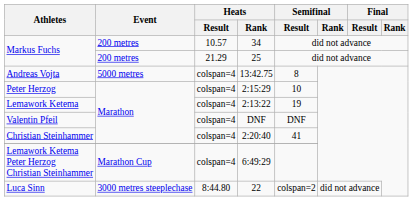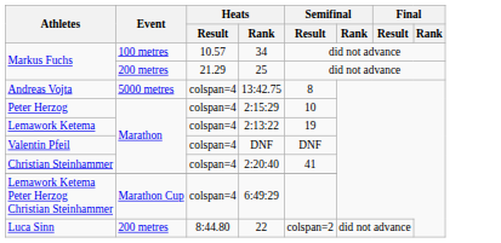 <table class="wikitable" border="1" style="font-size:90%">
 <tr>
 <th rowspan="2">Athletes</th>
 <th rowspan="2">Event</th>
 <th colspan="2">Heats</th>
 <th colspan="2">Semifinal</th>
 <th colspan="2">Final</th>
 </tr>
 <tr>
 <th>Result</th>
 <th>Rank</th>
 <th>Result</th>
 <th>Rank</th>
 <th>Result</th>
 <th>Rank</th>
 </tr>
 <tr>
 <td rowspan=2><a href='#'>Markus Fuchs</a></td>
-<td><a href='#'>200 metres</a></td>
+<td><a href='#'>100 metres</a></td>
 <td align=center>10.57</td>
 <td align=center>34</td>
 <td align=center colspan=4>did not advance</td>
 </tr>
 <tr>
 <td><a href='#'>200 metres</a></td>
 <td align=center>21.29</td>
 <td align=center>25</td>
 <td align=center colspan=4>did not advance</td>
 </tr>
 <tr>
 <td><a href='#'>Andreas Vojta</a></td>
 <td><a href='#'>5000 metres</a></td>
 <td>colspan=4</td>
 <td align=center>13:42.75</td>
 <td align=center>8</td>
 </tr>
 <tr>
 <td><a href='#'>Peter Herzog</a></td>
 <td rowspan=4><a href='#'>Marathon</a></td>
 <td>colspan=4</td>
 <td align=center>2:15:29</td>
 <td align=center>10</td>
 </tr>
 <tr>
 <td><a href='#'>Lemawork Ketema</a></td>
 <td>colspan=4</td>
 <td align=center>2:13:22</td>
 <td align=center>19</td>
 </tr>
 <tr>
 <td><a href='#'>Valentin Pfeil</a></td>
 <td>colspan=4</td>
 <td align=center>DNF</td>
 <td align=center>DNF</td>
 </tr>
 <tr>
 <td><a href='#'>Christian Steinhammer</a></td>
 <td>colspan=4</td>
 <td align=center>2:20:40</td>
 <td align=center>41</td>
 </tr>
 <tr>
 </tr>
 <tr align=center>
 <td align=left><a href='#'>Lemawork Ketema</a><br><a href='#'>Peter Herzog</a><br><a href='#'>Christian Steinhammer</a></td>
 <td align=left><a href='#'>Marathon Cup</a></td>
 <td>colspan=4 </td>
 <td>6:49:29</td>
 <td></td>
 </tr>
 <tr>
 <td><a href='#'>Luca Sinn</a></td>
-<td><a href='#'>3000 metres steeplechase</a></td>
+<td><a href='#'>200 metres</a></td>
 <td align=center>8:44.80</td>
 <td align=center>22</td>
 <td>colspan=2</td>
 <td align=center colspan=2>did not advance</td>
 </tr>
 </table>
